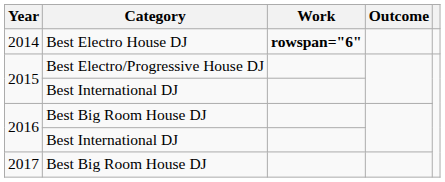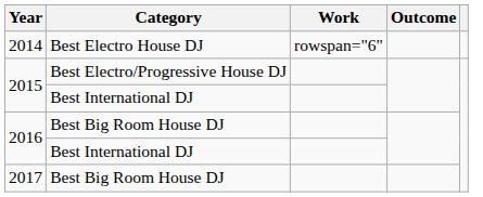 <table class="wikitable sortable">
 <tr>
 <th>Year</th>
 <th>Category</th>
 <th>Work</th>
 <th>Outcome</th>
 <th></th>
 </tr>
 <tr>
 <td>2014</td>
 <td>Best Electro House DJ</td>
-<td><strong>rowspan="6" </strong></td>
+<td>rowspan="6" </td>
 <td></td>
 <td></td>
 </tr>
 <tr>
 <td rowspan="2">2015</td>
 <td>Best Electro/Progressive House DJ</td>
 <td></td>
 <td rowspan="2"></td>
 </tr>
 <tr>
 <td>Best International DJ</td>
 <td></td>
 </tr>
 <tr>
 <td rowspan="2">2016</td>
 <td>Best Big Room House DJ</td>
 <td></td>
 <td rowspan="2"></td>
 </tr>
 <tr>
 <td>Best International DJ</td>
 <td></td>
 </tr>
 <tr>
 <td>2017</td>
 <td>Best Big Room House DJ</td>
 <td></td>
 <td></td>
 </tr>
 </table>
